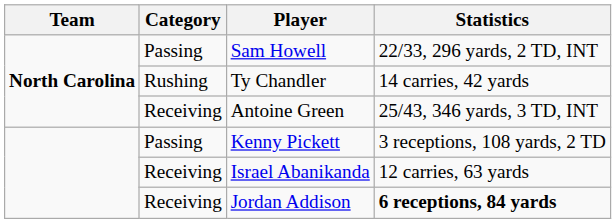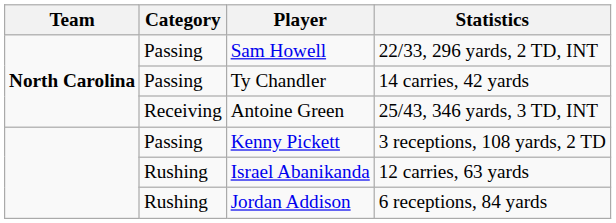 <table class="wikitable" style="float: left;">
 <tr>
 <th>Team</th>
 <th>Category</th>
 <th>Player</th>
 <th>Statistics</th>
 </tr>
 <tr>
 <td rowspan=3><strong>North Carolina</strong></td>
 <td>Passing</td>
 <td><a href='#'>Sam Howell</a></td>
 <td>22/33, 296 yards, 2 TD, INT</td>
 </tr>
 <tr>
-<td>Rushing</td>
+<td>Passing</td>
 <td>Ty Chandler</td>
 <td>14 carries, 42 yards</td>
 </tr>
 <tr>
 <td>Receiving</td>
 <td>Antoine Green</td>
 <td>25/43, 346 yards, 3 TD, INT</td>
 </tr>
 <tr>
 <td rowspan=3><strong></strong></td>
 <td>Passing</td>
 <td><a href='#'>Kenny Pickett</a></td>
 <td>3 receptions, 108 yards, 2 TD</td>
 </tr>
 <tr>
-<td>Receiving</td>
+<td>Rushing</td>
 <td><a href='#'>Israel Abanikanda</a></td>
 <td>12 carries, 63 yards</td>
 </tr>
 <tr>
-<td>Receiving</td>
+<td>Rushing</td>
 <td><a href='#'>Jordan Addison</a></td>
-<td><strong>6 receptions, 84 yards</strong></td>
+<td>6 receptions, 84 yards</td>
 </tr>
 </table>
